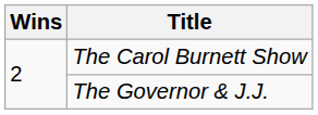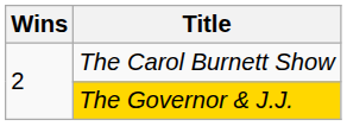 <table class="wikitable">
 <tr>
 <th>Wins</th>
 <th>Title</th>
 </tr>
 <tr>
 <td rowspan="2">2</td>
 <td><em>The Carol Burnett Show</em></td>
 </tr>
 <tr>
-<td><em>The Governor & J.J.</em></td>
+<td style="background: gold;"><em>The Governor & J.J.</em></td>
 </tr>
 </table>
